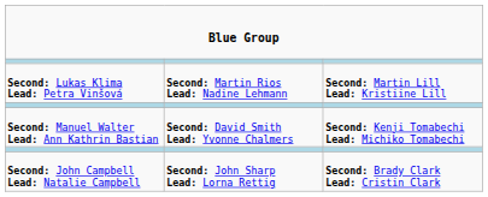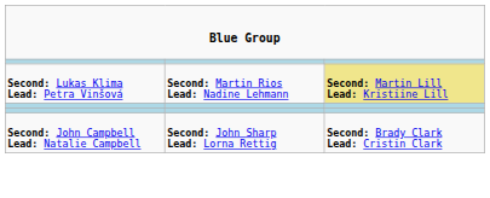 <table class="wikitable">
 <tr>
 <td align=center colspan="3"><br><h3>Blue Group</h3></td>
 </tr>
 <tr>
 <th style="background: #ADD8E6;" width="200"></th>
 <th style="background: #ADD8E6;" width="200"></th>
 <th style="background: #ADD8E6;" width="200"></th>
 </tr>
 <tr>
 <td><br><strong>Second:</strong> <a href='#'>Lukas Klima</a><br> <strong>Lead:</strong> <a href='#'>Petra Vinšová</a></td>
 <td><br><strong>Second:</strong> <a href='#'>Martin Rios</a><br> <strong>Lead:</strong> <a href='#'>Nadine Lehmann</a></td>
-<td><br><strong>Second:</strong> <a href='#'>Martin Lill</a><br> <strong>Lead:</strong> <a href='#'>Kristiine Lill</a></td>
+<td style="background: khaki;"><br><strong>Second:</strong> <a href='#'>Martin Lill</a><br> <strong>Lead:</strong> <a href='#'>Kristiine Lill</a></td>
 </tr>
 <tr>
 <th style="background: #ADD8E6;" width="200"></th>
 <th style="background: #ADD8E6;" width="200"></th>
 <th style="background: #ADD8E6;" width="200"></th>
-</tr>
-<tr>
-<td><br><strong>Second:</strong> <a href='#'>Manuel Walter</a><br> <strong>Lead:</strong> <a href='#'>Ann Kathrin Bastian</a></td>
-<td><br><strong>Second:</strong> <a href='#'>David Smith</a><br> <strong>Lead:</strong> <a href='#'>Yvonne Chalmers</a></td>
-<td><br><strong>Second:</strong> <a href='#'>Kenji Tomabechi</a><br> <strong>Lead:</strong> <a href='#'>Michiko Tomabechi</a></td>
 </tr>
 <tr>
 <th style="background: #ADD8E6;" width="200"></th>
 <th style="background: #ADD8E6;" width="200"></th>
 <th style="background: #ADD8E6;" width="200"></th>
 </tr>
 <tr>
 <td><br><strong>Second:</strong> <a href='#'>John Campbell</a><br> <strong>Lead:</strong> <a href='#'>Natalie Campbell</a></td>
 <td><br><strong>Second:</strong> <a href='#'>John Sharp</a><br> <strong>Lead:</strong> <a href='#'>Lorna Rettig</a></td>
 <td><br><strong>Second:</strong> <a href='#'>Brady Clark</a> <br> <strong>Lead:</strong> <a href='#'>Cristin Clark</a></td>
 </tr>
 </table>
